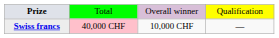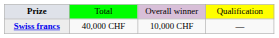 <table class="wikitable" style="font-size:90%;text-align:center">
 <tr>
 <td style="width:100px; background:#dfe2e9;"><strong>Prize</strong></td>
 <td style="width:105px; background:lime;">Total</td>
 <td style="width:105px; background:thistle;">Overall winner</td>
 <td style="width:105px; background:#ff0;">Qualification</td>
 </tr>
 <tr>
 <td style="background:#ededed;"><strong><a href='#'>Swiss francs</a></strong></td>
-<td style="background: pink;">40,000 CHF</td>
+<td>40,000 CHF</td>
 <td>10,000 CHF</td>
 <td>—</td>
 </tr>
 </table>
